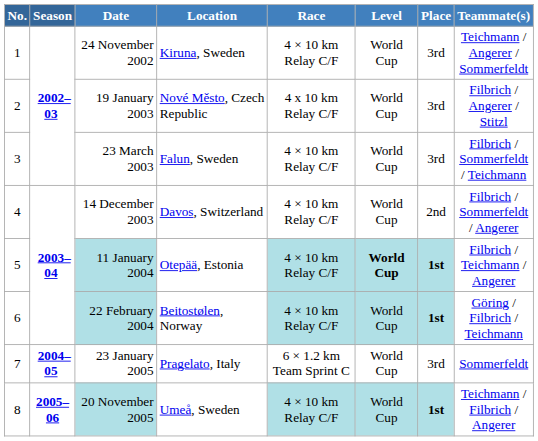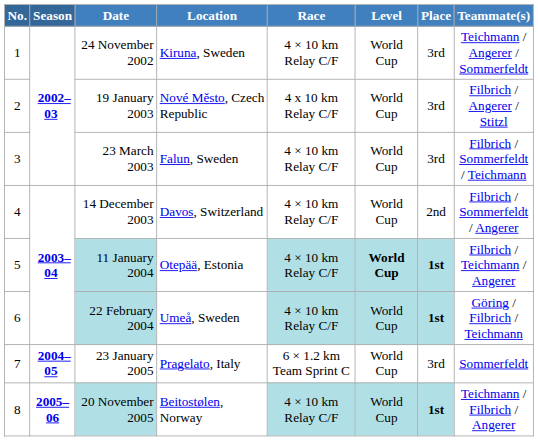 <table class="wikitable sortable" style="font-size:95%; text-align:center; border:grey solid 1px; border-collapse:collapse; background:#ffffff;">
 <tr style="background:#efefef;">
 <th style="background-color:#369; color:white;">No.</th>
 <th style="background-color:#369; color:white;">Season</th>
 <th style="background-color:#4180be; color:white; width:120px;">Date</th>
 <th style="background-color:#4180be; color:white; width:190px;">Location</th>
 <th style="background-color:#4180be; color:white; width:170px;">Race</th>
 <th style="background-color:#4180be; color:white; width:100px;">Level</th>
 <th style="background-color:#4180be; color:white;">Place</th>
 <th style="background-color:#4180be; color:white;">Teammate(s)</th>
 </tr>
 <tr>
 <td align=center>1</td>
 <td rowspan=3 align=center><strong> <a href='#'>2002–03</a> </strong></td>
 <td align=right>24 November 2002</td>
 <td align=left> <a href='#'>Kiruna</a>, Sweden</td>
 <td>4 × 10 km Relay C/F</td>
 <td>World Cup</td>
 <td>3rd</td>
 <td><a href='#'>Teichmann</a> / <a href='#'>Angerer</a> / <a href='#'>Sommerfeldt</a></td>
 </tr>
 <tr>
 <td align=center>2</td>
 <td align=right>19 January 2003</td>
 <td align=left> <a href='#'>Nové Město</a>, Czech Republic</td>
 <td>4 x 10 km Relay C/F</td>
 <td>World Cup</td>
 <td>3rd</td>
 <td><a href='#'>Filbrich</a> / <a href='#'>Angerer</a> / <a href='#'>Stitzl</a></td>
 </tr>
 <tr>
 <td align=center>3</td>
 <td align=right>23 March 2003</td>
 <td align=left> <a href='#'>Falun</a>, Sweden</td>
 <td>4 × 10 km Relay C/F</td>
 <td>World Cup</td>
 <td>3rd</td>
 <td><a href='#'>Filbrich</a> / <a href='#'>Sommerfeldt</a> / <a href='#'>Teichmann</a></td>
 </tr>
 <tr>
 <td align=center>4</td>
 <td rowspan=3 align=center><strong> <a href='#'>2003–04</a> </strong></td>
 <td align=right>14 December 2003</td>
 <td align=left> <a href='#'>Davos</a>, Switzerland</td>
 <td>4 × 10 km Relay C/F</td>
 <td>World Cup</td>
 <td>2nd</td>
 <td><a href='#'>Filbrich</a> / <a href='#'>Sommerfeldt</a> / <a href='#'>Angerer</a></td>
 </tr>
 <tr>
 <td align=center>5</td>
 <td bgcolor="#BOEOE6" align=right>11 January 2004</td>
 <td align=left> <a href='#'>Otepää</a>, Estonia</td>
 <td bgcolor="#BOEOE6">4 × 10 km Relay C/F</td>
 <td bgcolor="#BOEOE6"><strong>World Cup</strong></td>
 <td bgcolor="#BOEOE6"><strong>1st</strong></td>
 <td><a href='#'>Filbrich</a> / <a href='#'>Teichmann</a> / <a href='#'>Angerer</a></td>
 </tr>
 <tr>
 <td align=center>6</td>
 <td bgcolor="#BOEOE6" align=right>22 February 2004</td>
-<td align=left> <a href='#'>Beitostølen</a>, Norway</td>
+<td align=left> <a href='#'>Umeå</a>, Sweden</td>
 <td bgcolor="#BOEOE6">4 × 10 km Relay C/F</td>
 <td bgcolor="#BOEOE6">World Cup</td>
 <td bgcolor="#BOEOE6"><strong>1st</strong></td>
 <td><a href='#'>Göring</a> / <a href='#'>Filbrich</a> / <a href='#'>Teichmann</a></td>
 </tr>
 <tr>
 <td align=center>7</td>
 <td rowspan=1 align=center><strong> <a href='#'>2004–05</a> </strong></td>
 <td align=right>23 January 2005</td>
 <td align=left> <a href='#'>Pragelato</a>, Italy</td>
 <td>6 × 1.2 km Team Sprint C</td>
 <td>World Cup</td>
 <td>3rd</td>
 <td><a href='#'>Sommerfeldt</a></td>
 </tr>
 <tr>
 <td align=center>8</td>
 <td rowspan=1 align=center><strong><a href='#'>2005–06</a></strong></td>
 <td bgcolor="#BOEOE6" align=right>20 November 2005</td>
-<td align=left> <a href='#'>Umeå</a>, Sweden</td>
+<td align=left> <a href='#'>Beitostølen</a>, Norway</td>
 <td bgcolor="#BOEOE6">4 × 10 km Relay C/F</td>
 <td bgcolor="#BOEOE6">World Cup</td>
 <td bgcolor="#BOEOE6"><strong>1st</strong></td>
 <td><a href='#'>Teichmann</a> / <a href='#'>Filbrich</a> / <a href='#'>Angerer</a></td>
 </tr>
 </table>
